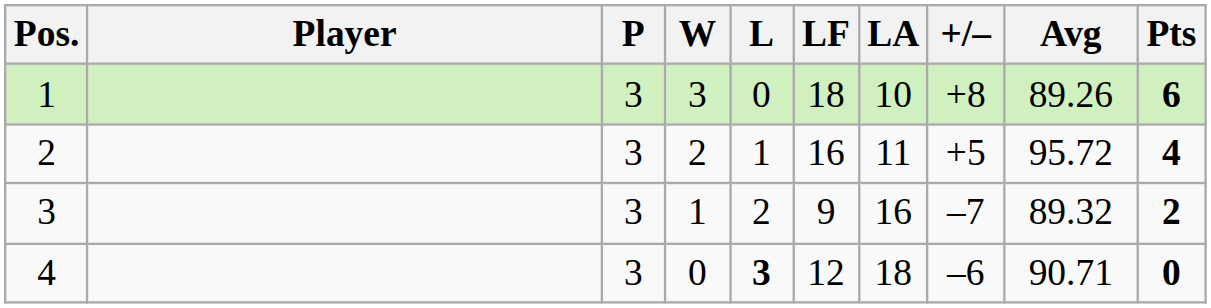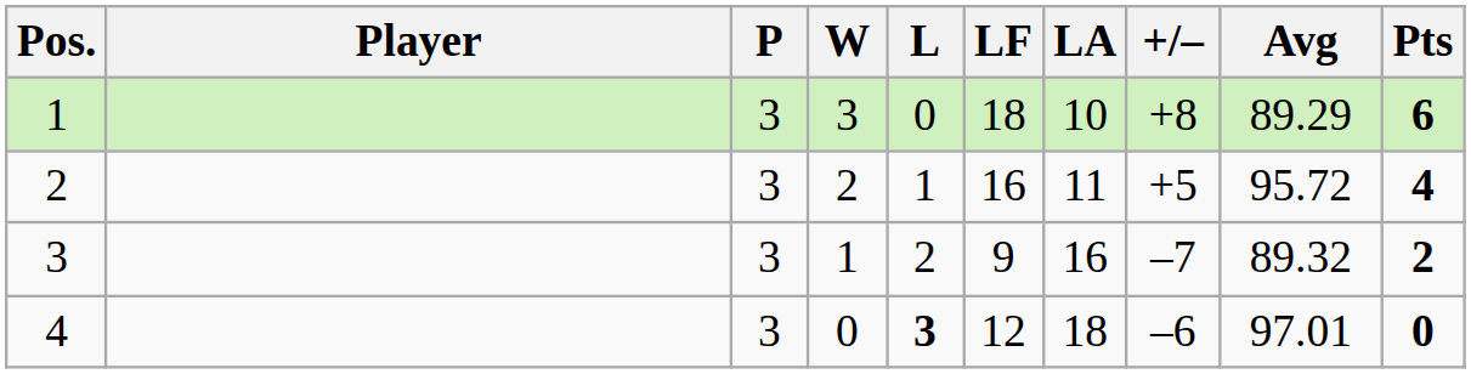 <table class="wikitable" style="text-align:center; margin: 1em auto 1em auto, align:left">
 <tr>
 <th width=20>Pos.</th>
 <th width=212>Player</th>
 <th width=20>P</th>
 <th width=20>W</th>
 <th width=20>L</th>
 <th width=20>LF</th>
 <th width=20>LA</th>
 <th width=25>+/–</th>
 <th width=50>Avg</th>
 <th width=20>Pts</th>
 </tr>
 <tr style="background:#D0F0C0;">
 <td>1</td>
 <td align=left></td>
 <td>3</td>
 <td>3</td>
 <td>0</td>
 <td>18</td>
 <td>10</td>
 <td>+8</td>
-<td>89.26</td>
+<td>89.29</td>
 <td><strong>6</strong></td>
 </tr>
 <tr style=>
 <td>2</td>
 <td align=left></td>
 <td>3</td>
 <td>2</td>
 <td>1</td>
 <td>16</td>
 <td>11</td>
 <td>+5</td>
 <td>95.72</td>
 <td><strong>4</strong></td>
 </tr>
 <tr style=>
 <td>3</td>
 <td align=left></td>
 <td>3</td>
 <td>1</td>
 <td>2</td>
 <td>9</td>
 <td>16</td>
 <td>–7</td>
 <td>89.32</td>
 <td><strong>2</strong></td>
 </tr>
 <tr style=>
 <td>4</td>
 <td align=left></td>
 <td>3</td>
 <td>0</td>
 <td><strong>3</strong></td>
 <td>12</td>
 <td>18</td>
 <td>–6</td>
-<td>90.71</td>
+<td>97.01</td>
 <td><strong>0</strong></td>
 </tr>
 </table>
